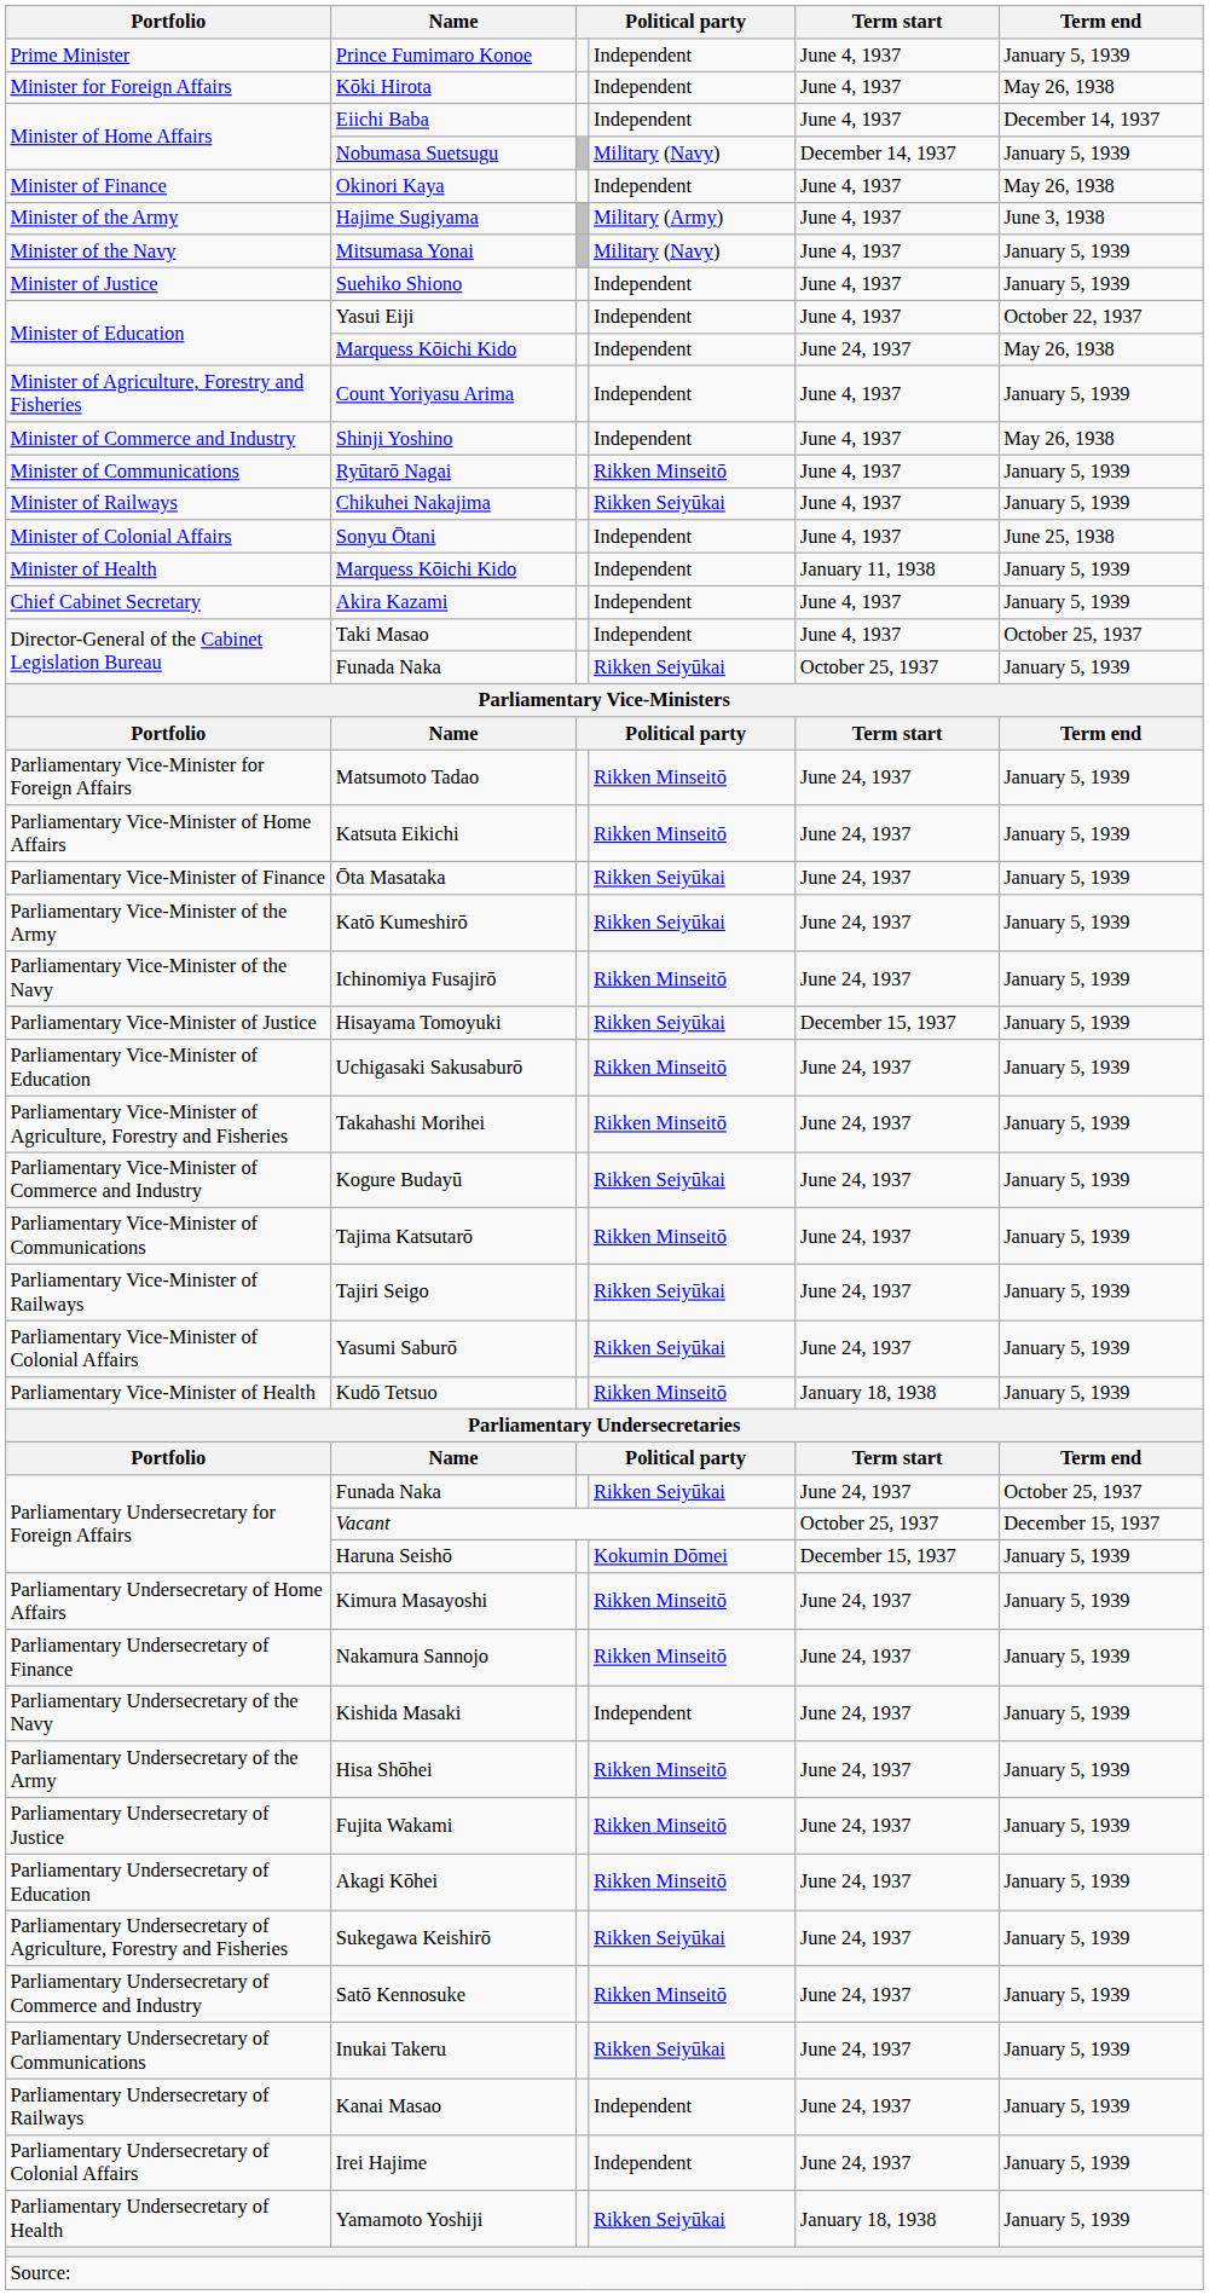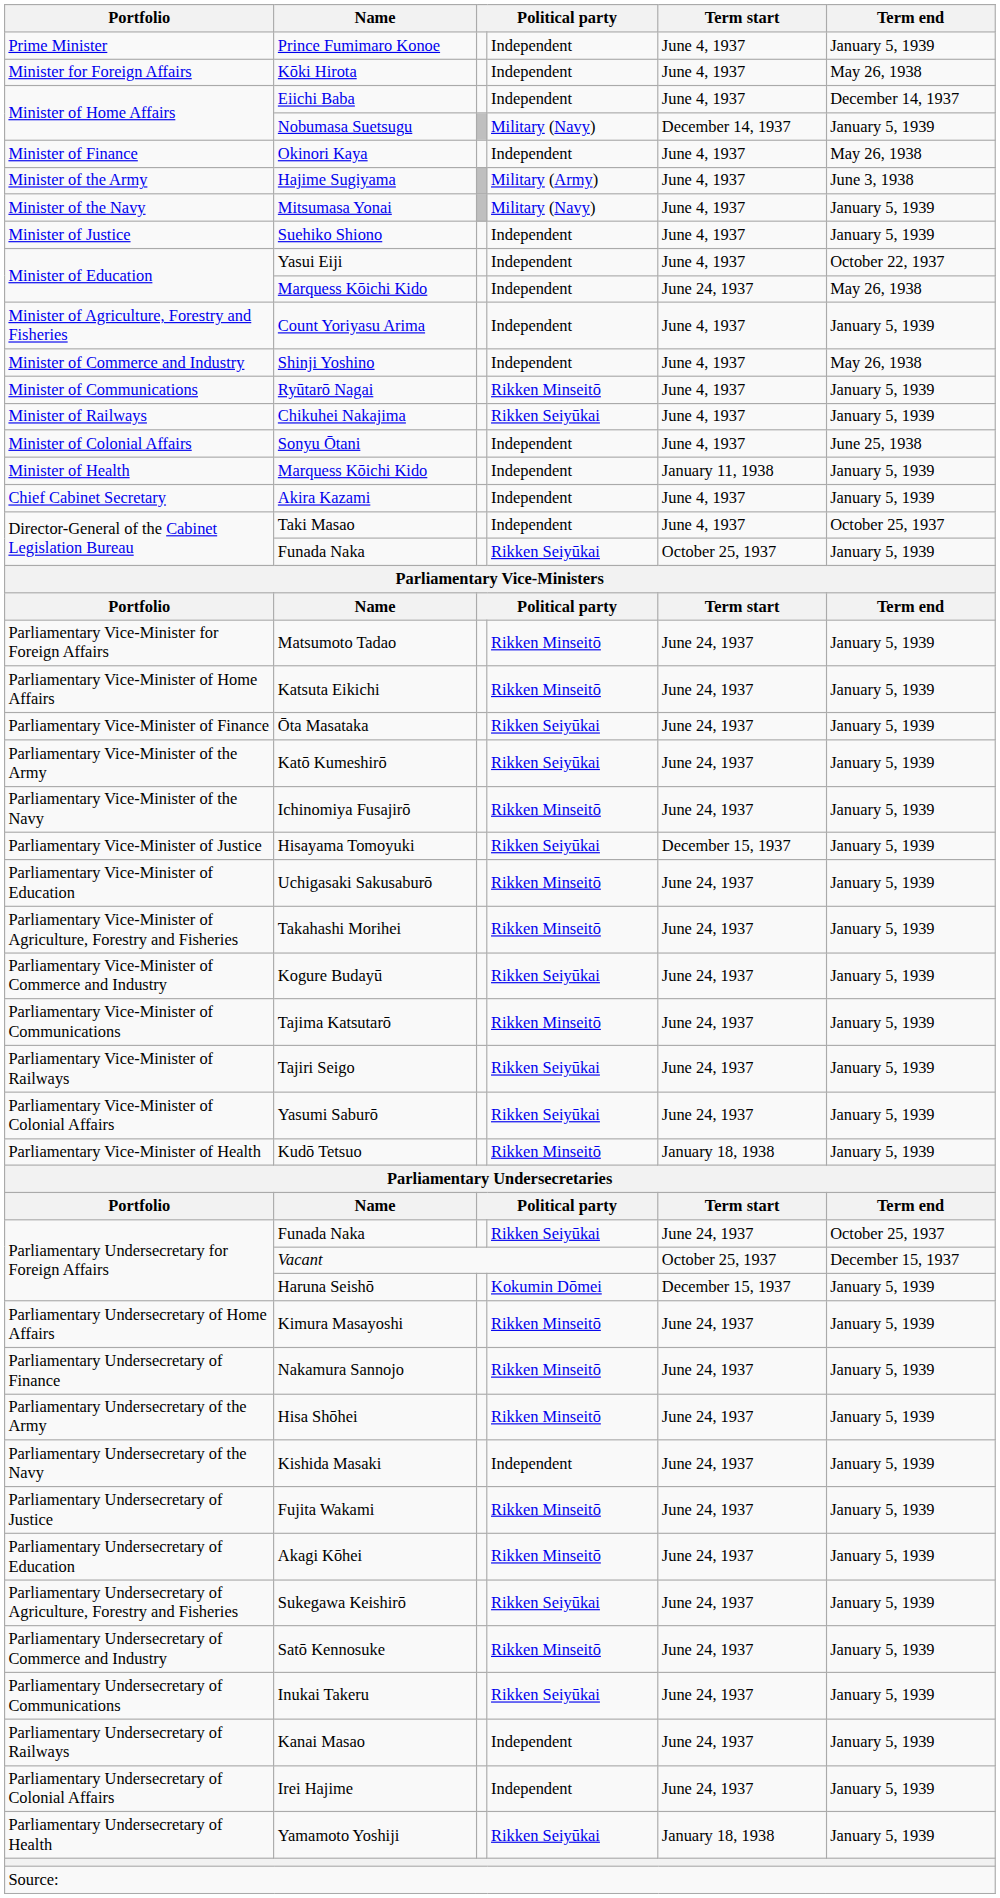 <table class="wikitable" style="font-size: 90%;">
 <tr>
 <th scope="col" width="20%">Portfolio</th>
 <th scope="col" width="15%">Name</th>
 <th colspan="2" scope="col" width="13.5%">Political party</th>
 <th scope="col" width="12.5%">Term start</th>
 <th scope="col" width="12.5%">Term end</th>
 </tr>
 <tr>
 <td style="text-align: left;"><a href='#'>Prime Minister</a></td>
 <td><a href='#'>Prince Fumimaro Konoe</a></td>
 <td style="color:inherit;background:"></td>
 <td>Independent</td>
 <td>June 4, 1937</td>
 <td>January 5, 1939</td>
 </tr>
 <tr>
 <td><a href='#'>Minister for Foreign Affairs</a></td>
 <td><a href='#'>Kōki Hirota</a></td>
 <td style="color:inherit;background:"></td>
 <td>Independent</td>
 <td>June 4, 1937</td>
 <td>May 26, 1938</td>
 </tr>
 <tr>
 <td rowspan="2"><a href='#'>Minister of Home Affairs</a></td>
 <td><a href='#'>Eiichi Baba</a></td>
 <td style="color:inherit;background:"></td>
 <td>Independent</td>
 <td>June 4, 1937</td>
 <td>December 14, 1937</td>
 </tr>
 <tr>
 <td><a href='#'>Nobumasa Suetsugu</a></td>
 <td style="color:inherit;background:#bfbfbf"></td>
 <td><a href='#'>Military</a> (<a href='#'>Navy</a>)</td>
 <td>December 14, 1937</td>
 <td>January 5, 1939</td>
 </tr>
 <tr>
 <td><a href='#'>Minister of Finance</a></td>
 <td><a href='#'>Okinori Kaya</a></td>
 <td style="color:inherit;background:"></td>
 <td>Independent</td>
 <td>June 4, 1937</td>
 <td>May 26, 1938</td>
 </tr>
 <tr>
 <td><a href='#'>Minister of the Army</a></td>
 <td><a href='#'>Hajime Sugiyama</a></td>
 <td style="color:inherit;background:#bfbfbf"></td>
 <td><a href='#'>Military</a> (<a href='#'>Army</a>)</td>
 <td>June 4, 1937</td>
 <td>June 3, 1938</td>
 </tr>
 <tr>
 <td><a href='#'>Minister of the Navy</a></td>
 <td><a href='#'>Mitsumasa Yonai</a></td>
 <td style="color:inherit;background:#bfbfbf"></td>
 <td><a href='#'>Military</a> (<a href='#'>Navy</a>)</td>
 <td>June 4, 1937</td>
 <td>January 5, 1939</td>
 </tr>
 <tr>
 <td><a href='#'>Minister of Justice</a></td>
 <td><a href='#'>Suehiko Shiono</a></td>
 <td style="color:inherit;background:"></td>
 <td>Independent</td>
 <td>June 4, 1937</td>
 <td>January 5, 1939</td>
 </tr>
 <tr>
 <td rowspan="2"><a href='#'>Minister of Education</a></td>
 <td>Yasui Eiji</td>
 <td style="color:inherit;background:"></td>
 <td>Independent</td>
 <td>June 4, 1937</td>
 <td>October 22, 1937</td>
 </tr>
 <tr>
 <td><a href='#'>Marquess Kōichi Kido</a></td>
 <td style="color:inherit;background:"></td>
 <td>Independent</td>
 <td>June 24, 1937</td>
 <td>May 26, 1938</td>
 </tr>
 <tr>
 <td><a href='#'>Minister of Agriculture, Forestry and Fisheries</a></td>
 <td><a href='#'>Count Yoriyasu Arima</a></td>
 <td style="color:inherit;background:"></td>
 <td>Independent</td>
 <td>June 4, 1937</td>
 <td>January 5, 1939</td>
 </tr>
 <tr>
 <td><a href='#'>Minister of Commerce and Industry</a></td>
 <td><a href='#'>Shinji Yoshino</a></td>
 <td style="color:inherit;background:"></td>
 <td>Independent</td>
 <td>June 4, 1937</td>
 <td>May 26, 1938</td>
 </tr>
 <tr>
 <td><a href='#'>Minister of Communications</a></td>
 <td><a href='#'>Ryūtarō Nagai</a></td>
 <td style="color:inherit;background:"></td>
 <td><a href='#'>Rikken Minseitō</a></td>
 <td>June 4, 1937</td>
 <td>January 5, 1939</td>
 </tr>
 <tr>
 <td><a href='#'>Minister of Railways</a></td>
 <td><a href='#'>Chikuhei Nakajima</a></td>
 <td style="color:inherit;background:"></td>
 <td><a href='#'>Rikken Seiyūkai</a></td>
 <td>June 4, 1937</td>
 <td>January 5, 1939</td>
 </tr>
 <tr>
 <td><a href='#'>Minister of Colonial Affairs</a></td>
 <td><a href='#'>Sonyu Ōtani</a></td>
 <td style="color:inherit;background:"></td>
 <td>Independent</td>
 <td>June 4, 1937</td>
 <td>June 25, 1938</td>
 </tr>
 <tr>
 <td><a href='#'>Minister of Health</a></td>
 <td><a href='#'>Marquess Kōichi Kido</a></td>
 <td style="color:inherit;background:"></td>
 <td>Independent</td>
 <td>January 11, 1938</td>
 <td>January 5, 1939</td>
 </tr>
 <tr>
 <td><a href='#'>Chief Cabinet Secretary</a></td>
 <td><a href='#'>Akira Kazami</a></td>
 <td style="color:inherit;background:"></td>
 <td>Independent</td>
 <td>June 4, 1937</td>
 <td>January 5, 1939</td>
 </tr>
 <tr>
 <td rowspan="2">Director-General of the <a href='#'>Cabinet Legislation Bureau</a></td>
 <td>Taki Masao</td>
 <td style="color:inherit;background:"></td>
 <td>Independent</td>
 <td>June 4, 1937</td>
 <td>October 25, 1937</td>
 </tr>
 <tr>
 <td>Funada Naka</td>
 <td style="color:inherit;background:"></td>
 <td><a href='#'>Rikken Seiyūkai</a></td>
 <td>October 25, 1937</td>
 <td>January 5, 1939</td>
 </tr>
 <tr>
 <th colspan="6">Parliamentary Vice-Ministers</th>
 </tr>
 <tr>
 <th>Portfolio</th>
 <th>Name</th>
 <th colspan="2">Political party</th>
 <th>Term start</th>
 <th>Term end</th>
 </tr>
 <tr>
 <td>Parliamentary Vice-Minister for Foreign Affairs</td>
 <td>Matsumoto Tadao</td>
 <td style="color:inherit;background:"></td>
 <td><a href='#'>Rikken Minseitō</a></td>
 <td>June 24, 1937</td>
 <td>January 5, 1939</td>
 </tr>
 <tr>
 <td>Parliamentary Vice-Minister of Home Affairs</td>
 <td>Katsuta Eikichi</td>
 <td style="color:inherit;background:"></td>
 <td><a href='#'>Rikken Minseitō</a></td>
 <td>June 24, 1937</td>
 <td>January 5, 1939</td>
 </tr>
 <tr>
 <td>Parliamentary Vice-Minister of Finance</td>
 <td>Ōta Masataka</td>
 <td style="color:inherit;background:"></td>
 <td><a href='#'>Rikken Seiyūkai</a></td>
 <td>June 24, 1937</td>
 <td>January 5, 1939</td>
 </tr>
 <tr>
 <td>Parliamentary Vice-Minister of the Army</td>
 <td>Katō Kumeshirō</td>
 <td style="color:inherit;background:"></td>
 <td><a href='#'>Rikken Seiyūkai</a></td>
 <td>June 24, 1937</td>
 <td>January 5, 1939</td>
 </tr>
 <tr>
 <td>Parliamentary Vice-Minister of the Navy</td>
 <td>Ichinomiya Fusajirō</td>
 <td style="color:inherit;background:"></td>
 <td><a href='#'>Rikken Minseitō</a></td>
 <td>June 24, 1937</td>
 <td>January 5, 1939</td>
 </tr>
 <tr>
 <td>Parliamentary Vice-Minister of Justice</td>
 <td>Hisayama Tomoyuki</td>
 <td style="color:inherit;background:"></td>
 <td><a href='#'>Rikken Seiyūkai</a></td>
 <td>December 15, 1937</td>
 <td>January 5, 1939</td>
 </tr>
 <tr>
 <td>Parliamentary Vice-Minister of Education</td>
 <td>Uchigasaki Sakusaburō</td>
 <td style="color:inherit;background:"></td>
 <td><a href='#'>Rikken Minseitō</a></td>
 <td>June 24, 1937</td>
 <td>January 5, 1939</td>
 </tr>
 <tr>
 <td>Parliamentary Vice-Minister of Agriculture, Forestry and Fisheries</td>
 <td>Takahashi Morihei</td>
 <td style="color:inherit;background:"></td>
 <td><a href='#'>Rikken Minseitō</a></td>
 <td>June 24, 1937</td>
 <td>January 5, 1939</td>
 </tr>
 <tr>
 <td>Parliamentary Vice-Minister of Commerce and Industry</td>
 <td>Kogure Budayū</td>
 <td style="color:inherit;background:"></td>
 <td><a href='#'>Rikken Seiyūkai</a></td>
 <td>June 24, 1937</td>
 <td>January 5, 1939</td>
 </tr>
 <tr>
 <td>Parliamentary Vice-Minister of Communications</td>
 <td>Tajima Katsutarō</td>
 <td style="color:inherit;background:"></td>
 <td><a href='#'>Rikken Minseitō</a></td>
 <td>June 24, 1937</td>
 <td>January 5, 1939</td>
 </tr>
 <tr>
 <td>Parliamentary Vice-Minister of Railways</td>
 <td>Tajiri Seigo</td>
 <td style="color:inherit;background:"></td>
 <td><a href='#'>Rikken Seiyūkai</a></td>
 <td>June 24, 1937</td>
 <td>January 5, 1939</td>
 </tr>
 <tr>
 <td>Parliamentary Vice-Minister of Colonial Affairs</td>
 <td>Yasumi Saburō</td>
 <td style="color:inherit;background:"></td>
 <td><a href='#'>Rikken Seiyūkai</a></td>
 <td>June 24, 1937</td>
 <td>January 5, 1939</td>
 </tr>
 <tr>
 <td>Parliamentary Vice-Minister of Health</td>
 <td>Kudō Tetsuo</td>
 <td style="color:inherit;background:"></td>
 <td><a href='#'>Rikken Minseitō</a></td>
 <td>January 18, 1938</td>
 <td>January 5, 1939</td>
 </tr>
 <tr>
 <th colspan="6">Parliamentary Undersecretaries</th>
 </tr>
 <tr>
 <th>Portfolio</th>
 <th>Name</th>
 <th colspan="2">Political party</th>
 <th>Term start</th>
 <th>Term end</th>
 </tr>
 <tr>
 <td rowspan="3">Parliamentary Undersecretary for Foreign Affairs</td>
 <td>Funada Naka</td>
 <td style="color:inherit;background:"></td>
 <td><a href='#'>Rikken Seiyūkai</a></td>
 <td>June 24, 1937</td>
 <td>October 25, 1937</td>
 </tr>
 <tr>
 <td colspan="3"><em>Vacant</em></td>
 <td>October 25, 1937</td>
 <td>December 15, 1937</td>
 </tr>
 <tr>
 <td>Haruna Seishō</td>
 <td style="color:inherit;background:"></td>
 <td><a href='#'>Kokumin Dōmei</a></td>
 <td>December 15, 1937</td>
 <td>January 5, 1939</td>
 </tr>
 <tr>
 <td>Parliamentary Undersecretary of Home Affairs</td>
 <td>Kimura Masayoshi</td>
 <td style="color:inherit;background:"></td>
 <td><a href='#'>Rikken Minseitō</a></td>
 <td>June 24, 1937</td>
 <td>January 5, 1939</td>
 </tr>
 <tr>
 <td>Parliamentary Undersecretary of Finance</td>
 <td>Nakamura Sannojo</td>
 <td style="color:inherit;background:"></td>
 <td><a href='#'>Rikken Minseitō</a></td>
 <td>June 24, 1937</td>
 <td>January 5, 1939</td>
 </tr>
 <tr>
+<td>Parliamentary Undersecretary of the Army</td>
+<td>Hisa Shōhei</td>
+<td style="color:inherit;background:"></td>
+<td><a href='#'>Rikken Minseitō</a></td>
+<td>June 24, 1937</td>
+<td>January 5, 1939</td>
+</tr>
+<tr>
 <td>Parliamentary Undersecretary of the Navy</td>
 <td>Kishida Masaki</td>
 <td style="color:inherit;background:"></td>
 <td>Independent</td>
-<td>June 24, 1937</td>
-<td>January 5, 1939</td>
-</tr>
-<tr>
-<td>Parliamentary Undersecretary of the Army</td>
-<td>Hisa Shōhei</td>
-<td style="color:inherit;background:"></td>
-<td><a href='#'>Rikken Minseitō</a></td>
 <td>June 24, 1937</td>
 <td>January 5, 1939</td>
 </tr>
 <tr>
 <td>Parliamentary Undersecretary of Justice</td>
 <td>Fujita Wakami</td>
 <td style="color:inherit;background:"></td>
 <td><a href='#'>Rikken Minseitō</a></td>
 <td>June 24, 1937</td>
 <td>January 5, 1939</td>
 </tr>
 <tr>
 <td>Parliamentary Undersecretary of Education</td>
 <td>Akagi Kōhei</td>
 <td style="color:inherit;background:"></td>
 <td><a href='#'>Rikken Minseitō</a></td>
 <td>June 24, 1937</td>
 <td>January 5, 1939</td>
 </tr>
 <tr>
 <td>Parliamentary Undersecretary of Agriculture, Forestry and Fisheries</td>
 <td>Sukegawa Keishirō</td>
 <td style="color:inherit;background:"></td>
 <td><a href='#'>Rikken Seiyūkai</a></td>
 <td>June 24, 1937</td>
 <td>January 5, 1939</td>
 </tr>
 <tr>
 <td>Parliamentary Undersecretary of Commerce and Industry</td>
 <td>Satō Kennosuke</td>
 <td style="color:inherit;background:"></td>
 <td><a href='#'>Rikken Minseitō</a></td>
 <td>June 24, 1937</td>
 <td>January 5, 1939</td>
 </tr>
 <tr>
 <td>Parliamentary Undersecretary of Communications</td>
 <td>Inukai Takeru</td>
 <td style="color:inherit;background:"></td>
 <td><a href='#'>Rikken Seiyūkai</a></td>
 <td>June 24, 1937</td>
 <td>January 5, 1939</td>
 </tr>
 <tr>
 <td>Parliamentary Undersecretary of Railways</td>
 <td>Kanai Masao</td>
 <td style="color:inherit;background:"></td>
 <td>Independent</td>
 <td>June 24, 1937</td>
 <td>January 5, 1939</td>
 </tr>
 <tr>
 <td>Parliamentary Undersecretary of Colonial Affairs</td>
 <td>Irei Hajime</td>
 <td style="color:inherit;background:"></td>
 <td>Independent</td>
 <td>June 24, 1937</td>
 <td>January 5, 1939</td>
 </tr>
 <tr>
 <td>Parliamentary Undersecretary of Health</td>
 <td>Yamamoto Yoshiji</td>
 <td style="color:inherit;background:"></td>
 <td><a href='#'>Rikken Seiyūkai</a></td>
 <td>January 18, 1938</td>
 <td>January 5, 1939</td>
 </tr>
 <tr>
 <th colspan="6"></th>
 </tr>
 <tr>
 <td colspan="6">Source:</td>
 </tr>
 </table>
